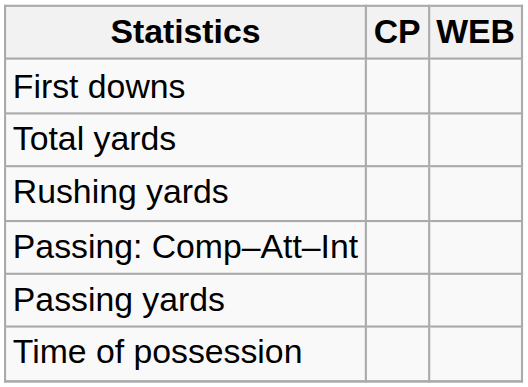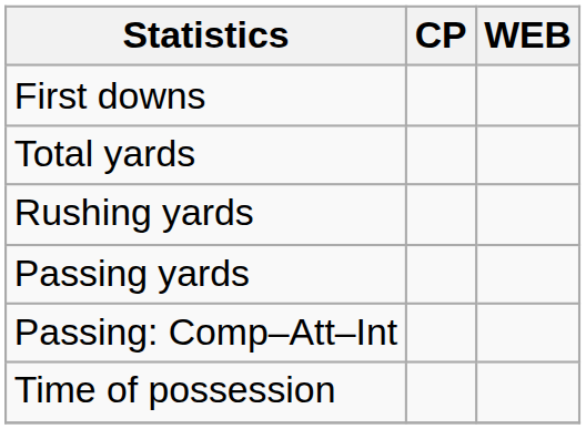 <table class="wikitable" style="float: left;">
 <tr>
 <th>Statistics</th>
 <th>CP</th>
 <th>WEB</th>
 </tr>
 <tr>
 <td>First downs</td>
 <td></td>
 <td></td>
 </tr>
 <tr>
 <td>Total yards</td>
 <td></td>
 <td></td>
 </tr>
 <tr>
 <td>Rushing yards</td>
 <td></td>
 <td></td>
 </tr>
 <tr>
-<td>Passing: Comp–Att–Int</td>
+<td>Passing yards</td>
 <td></td>
 <td></td>
 </tr>
 <tr>
-<td>Passing yards</td>
+<td>Passing: Comp–Att–Int</td>
 <td></td>
 <td></td>
 </tr>
 <tr>
 <td>Time of possession</td>
 <td></td>
 <td></td>
 </tr>
 <tr>
 </tr>
 </table>
